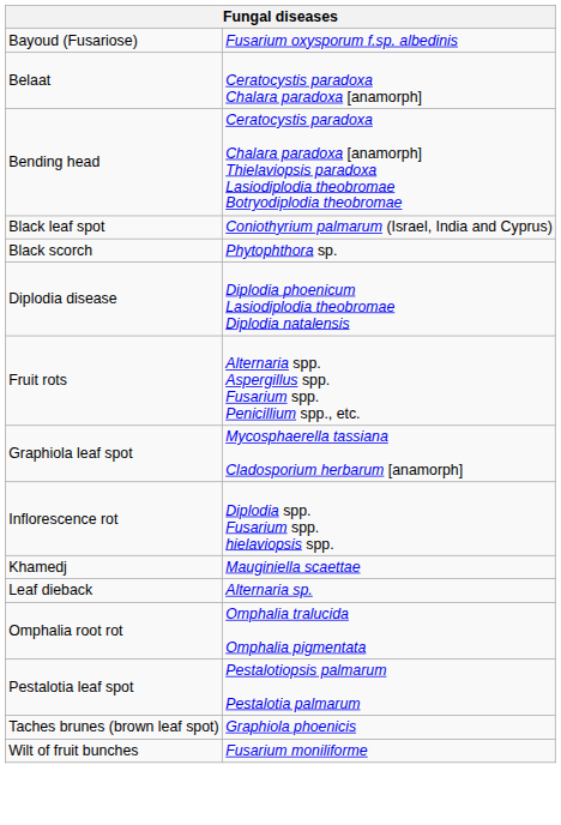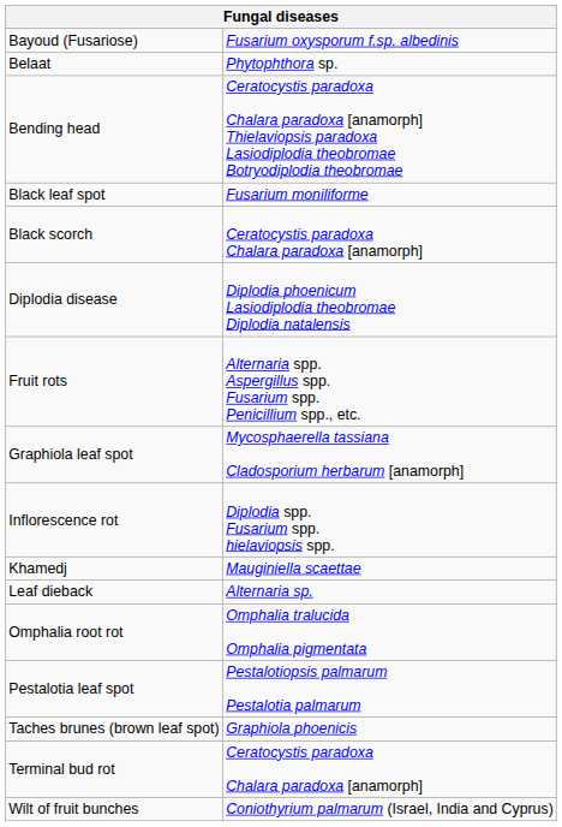 <table class="wikitable" style="clear">
 <tr>
 <th colspan=2><strong>Fungal diseases</strong></th>
 </tr>
 <tr>
 <td>Bayoud (Fusariose)</td>
 <td><em><a href='#'>Fusarium oxysporum f.sp. albedinis</a></em></td>
 </tr>
 <tr>
 <td>Belaat</td>
-<td><br><em><a href='#'>Ceratocystis paradoxa</a></em><br> <em><a href='#'>Chalara paradoxa</a></em> [anamorph]</td>
+<td><em><a href='#'>Phytophthora</a></em> sp.</td>
 </tr>
 <tr>
 <td>Bending head</td>
 <td><em><a href='#'>Ceratocystis paradoxa</a></em> <br><br><em><a href='#'>Chalara paradoxa</a></em> [anamorph] <br>  <em><a href='#'>Thielaviopsis paradoxa</a></em><br>  <em><a href='#'>Lasiodiplodia theobromae</a></em> <br>  <em><a href='#'>Botryodiplodia theobromae</a></em></td>
 </tr>
 <tr>
 <td>Black leaf spot</td>
-<td><em><a href='#'>Coniothyrium palmarum</a></em> (Israel, India and Cyprus) </td>
+<td><em><a href='#'>Fusarium moniliforme</a></em></td>
 </tr>
 <tr>
 <td>Black scorch</td>
-<td><em><a href='#'>Phytophthora</a></em> sp.</td>
+<td><br><em><a href='#'>Ceratocystis paradoxa</a></em><br> <em><a href='#'>Chalara paradoxa</a></em> [anamorph]</td>
 </tr>
 <tr>
 <td>Diplodia disease</td>
 <td><br><em><a href='#'>Diplodia phoenicum</a></em><br> <em><a href='#'>Lasiodiplodia theobromae</a></em> <br>  <em><a href='#'>Diplodia natalensis</a></em></td>
 </tr>
 <tr>
 <td>Fruit rots</td>
 <td><br><em><a href='#'>Alternaria</a></em> spp. <br> <em><a href='#'>Aspergillus</a></em> spp. <br> <em><a href='#'>Fusarium</a></em> spp. <br> <em><a href='#'>Penicillium</a></em> spp., etc.</td>
 </tr>
 <tr>
 <td>Graphiola leaf spot</td>
 <td><em><a href='#'>Mycosphaerella tassiana</a></em><br><br><em><a href='#'>Cladosporium herbarum</a></em> [anamorph]</td>
 </tr>
 <tr>
 <td>Inflorescence rot</td>
 <td><br><em><a href='#'>Diplodia</a></em> spp. <br> <em><a href='#'>Fusarium</a></em> spp. <br> <em><a href='#'>hielaviopsis</a></em> spp.</td>
 </tr>
 <tr>
 <td>Khamedj</td>
 <td><em><a href='#'>Mauginiella scaettae</a></em></td>
 </tr>
 <tr>
 <td>Leaf dieback</td>
 <td><em><a href='#'>Alternaria sp.</a></em></td>
 </tr>
 <tr>
 <td>Omphalia root rot</td>
 <td><em><a href='#'>Omphalia tralucida</a></em><br><br><em><a href='#'>Omphalia pigmentata</a></em><br></td>
 </tr>
 <tr>
 <td>Pestalotia leaf spot</td>
 <td><em><a href='#'>Pestalotiopsis palmarum</a></em> <br><br> <em><a href='#'>Pestalotia palmarum</a></em></td>
 </tr>
 <tr>
 <td>Taches brunes (brown leaf spot)</td>
 <td><em><a href='#'>Graphiola phoenicis</a></em></td>
 </tr>
 <tr>
+<td>Terminal bud rot</td>
+<td><em><a href='#'>Ceratocystis paradoxa</a></em><br><br><em><a href='#'>Chalara paradoxa</a></em> [anamorph]</td>
+</tr>
+<tr>
 <td>Wilt of fruit bunches</td>
-<td><em><a href='#'>Fusarium moniliforme</a></em></td>
+<td><em><a href='#'>Coniothyrium palmarum</a></em> (Israel, India and Cyprus) </td>
 </tr>
 </table>
